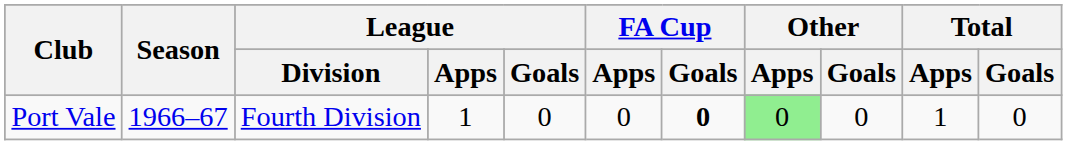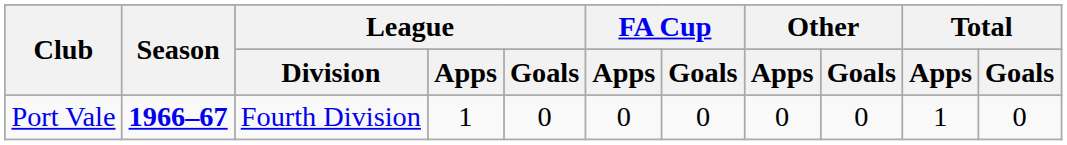 <table class="wikitable" style="text-align:center">
 <tr>
 <th rowspan="2">Club</th>
 <th rowspan="2">Season</th>
 <th colspan="3">League</th>
 <th colspan="2"><a href='#'>FA Cup</a></th>
 <th colspan="2">Other</th>
 <th colspan="2">Total</th>
 </tr>
 <tr>
 <th>Division</th>
 <th>Apps</th>
 <th>Goals</th>
 <th>Apps</th>
 <th>Goals</th>
 <th>Apps</th>
 <th>Goals</th>
 <th>Apps</th>
 <th>Goals</th>
 </tr>
 <tr>
 <td><a href='#'>Port Vale</a></td>
-<td><a href='#'>1966–67</a></td>
+<td><strong><a href='#'>1966–67</a></strong></td>
 <td><a href='#'>Fourth Division</a></td>
 <td>1</td>
 <td>0</td>
 <td>0</td>
-<td><strong>0</strong></td>
-<td style="background: lightgreen;">0</td>
+<td>0</td>
+<td>0</td>
 <td>0</td>
 <td>1</td>
 <td>0</td>
 </tr>
 </table>
